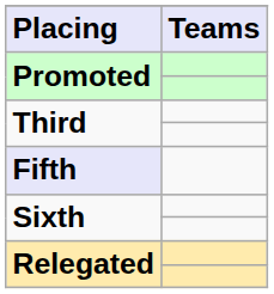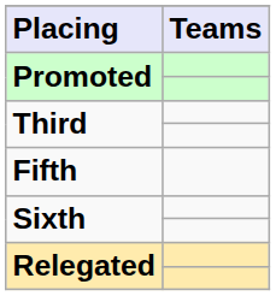 <table class=wikitable>
 <tr>
 </tr>
 <tr style="background: #E6E6FA;">
 <td><strong>Placing</strong></td>
 <td><strong>Teams</strong></td>
 </tr>
 <tr style="background: #ccffcc;">
 <td rowspan="2"><strong>Promoted</strong></td>
 <td></td>
 </tr>
 <tr style="background: #ccffcc;">
 <td></td>
 </tr>
 <tr>
 <td rowspan="2"><strong>Third</strong></td>
 <td></td>
 </tr>
 <tr>
 <td></td>
 </tr>
 <tr>
-<td style="background: lavender;"><strong>Fifth</strong></td>
+<td><strong>Fifth</strong></td>
 <td></td>
 </tr>
 <tr>
 <td rowspan="2"><strong>Sixth</strong></td>
 <td></td>
 </tr>
 <tr>
 <td></td>
 </tr>
 <tr style="background: #ffebad;">
 <td rowspan="2"><strong>Relegated</strong></td>
 <td></td>
 </tr>
 <tr style="background: #ffebad;">
 <td></td>
 </tr>
 </table>
